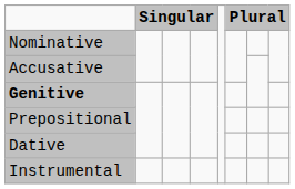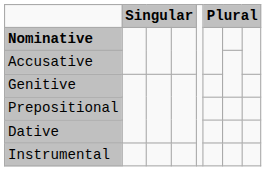 <table class="wikitable">
 <tr>
 <td></td>
 <td style="background:#C0C0C0" colspan="3" align="center"><strong>Singular</strong></td>
 <td rowspan=7></td>
 <td style="background:#C0C0C0" colspan="3" align="center"><strong>Plural</strong></td>
 </tr>
 <tr>
-<td style="background:#C0C0C0">Nominative</td>
+<td style="background:#C0C0C0"><strong>Nominative</strong></td>
 <td rowspan="2"></td>
 <td rowspan="2"></td>
 <td rowspan="2"></td>
 <td rowspan="2"></td>
 <td></td>
 <td rowspan="2"></td>
 </tr>
 <tr>
 <td style="background:#C0C0C0">Accusative</td>
 <td rowspan="2"></td>
 </tr>
 <tr>
-<td style="background:#C0C0C0"><strong>Genitive</strong></td>
+<td style="background:#C0C0C0">Genitive</td>
 <td rowspan="3"></td>
 <td rowspan="3"></td>
 <td rowspan="3"></td>
 <td></td>
 <td></td>
 </tr>
 <tr>
 <td style="background:#C0C0C0">Prepositional</td>
 <td></td>
 <td></td>
 <td></td>
 </tr>
 <tr>
 <td style="background:#C0C0C0">Dative</td>
 <td></td>
 <td></td>
 <td></td>
 </tr>
 <tr>
 <td style="background:#C0C0C0">Instrumental</td>
 <td></td>
 <td></td>
 <td></td>
 <td></td>
 <td></td>
 <td></td>
 </tr>
 </table>
